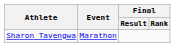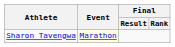 <table class="wikitable" style="font-size:90%">
 <tr>
 <th rowspan="2">Athlete</th>
 <th rowspan="2">Event</th>
 <th colspan="2">Final</th>
 </tr>
 <tr style="font-size:95%">
 <th>Result</th>
 <th>Rank</th>
 </tr>
 <tr align=center>
 <td align=left><a href='#'>Sharon Tavengwa</a></td>
-<td align=left><a href='#'>Marathon</a></td>
+<td align=left style="background: lightyellow;"><a href='#'>Marathon</a></td>
 <td colspan=2></td>
 </tr>
 </table>
